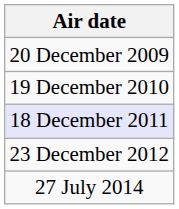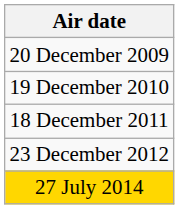 <table class="wikitable" style="text-align:center;">
 <tr>
 <th>Air date</th>
 </tr>
 <tr>
 <td>20 December 2009</td>
 </tr>
 <tr>
 <td>19 December 2010</td>
 </tr>
 <tr>
-<td style="background: lavender;">18 December 2011</td>
+<td>18 December 2011</td>
 </tr>
 <tr>
 <td>23 December 2012</td>
 </tr>
 <tr>
-<td>27 July 2014</td>
+<td style="background: gold;">27 July 2014</td>
 </tr>
 </table>
